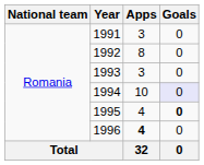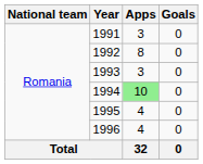 <table class="wikitable" style="text-align:center">
 <tr>
 <th>National team</th>
 <th>Year</th>
 <th>Apps</th>
 <th>Goals</th>
 </tr>
 <tr>
 <td rowspan="6"><a href='#'>Romania</a></td>
 <td>1991</td>
 <td>3</td>
 <td>0</td>
 </tr>
 <tr>
 <td>1992</td>
 <td>8</td>
 <td>0</td>
 </tr>
 <tr>
 <td>1993</td>
 <td>3</td>
 <td>0</td>
 </tr>
 <tr>
 <td>1994</td>
-<td>10</td>
-<td style="background: lavender;">0</td>
+<td style="background: lightgreen;">10</td>
+<td>0</td>
 </tr>
 <tr>
 <td>1995</td>
 <td>4</td>
-<td><strong>0</strong></td>
+<td>0</td>
 </tr>
 <tr>
 <td>1996</td>
-<td><strong>4</strong></td>
+<td>4</td>
 <td>0</td>
 </tr>
 <tr>
 <th colspan="2">Total</th>
 <th>32</th>
 <th>0</th>
 </tr>
 </table>
